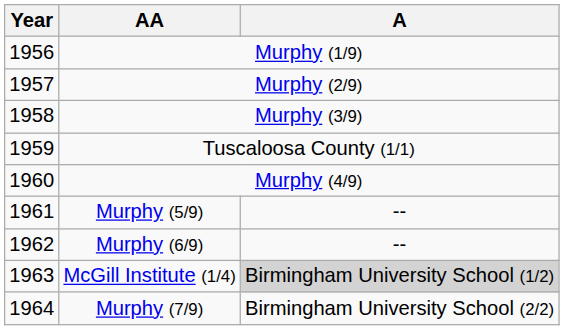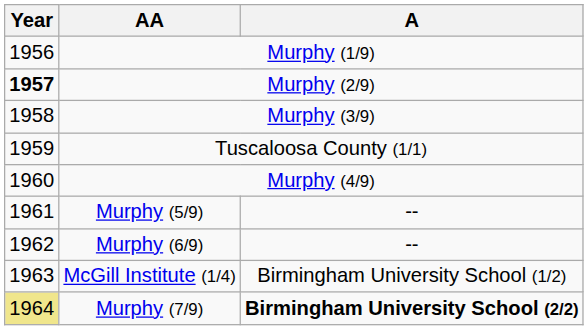 <table class="wikitable" style="text-align:center">
 <tr>
 <th>Year</th>
 <th>AA</th>
 <th>A</th>
 </tr>
 <tr>
 <td>1956</td>
 <td colspan="2"><a href='#'>Murphy</a> <small>(1/9)</small></td>
 </tr>
 <tr>
-<td>1957</td>
+<td><strong>1957</strong></td>
 <td colspan="2"><a href='#'>Murphy</a> <small>(2/9)</small></td>
 </tr>
 <tr>
 <td>1958</td>
 <td colspan="2"><a href='#'>Murphy</a> <small>(3/9)</small></td>
 </tr>
 <tr>
 <td>1959</td>
 <td colspan="2">Tuscaloosa County <small>(1/1)</small></td>
 </tr>
 <tr>
 <td>1960</td>
 <td colspan="2"><a href='#'>Murphy</a> <small>(4/9)</small></td>
 </tr>
 <tr>
 <td>1961</td>
 <td><a href='#'>Murphy</a> <small>(5/9)</small></td>
 <td>--</td>
 </tr>
 <tr>
 <td>1962</td>
 <td><a href='#'>Murphy</a> <small>(6/9)</small></td>
 <td>--</td>
 </tr>
 <tr>
 <td>1963</td>
 <td><a href='#'>McGill Institute</a> <small>(1/4)</small></td>
-<td style="background: lightgrey;">Birmingham University School <small>(1/2)</small></td>
+<td>Birmingham University School <small>(1/2)</small></td>
 </tr>
 <tr>
-<td>1964</td>
+<td style="background: khaki;">1964</td>
 <td><a href='#'>Murphy</a> <small>(7/9)</small></td>
-<td>Birmingham University School <small>(2/2)</small></td>
+<td><strong>Birmingham University School <small>(2/2)</small></strong></td>
 </tr>
 </table>
